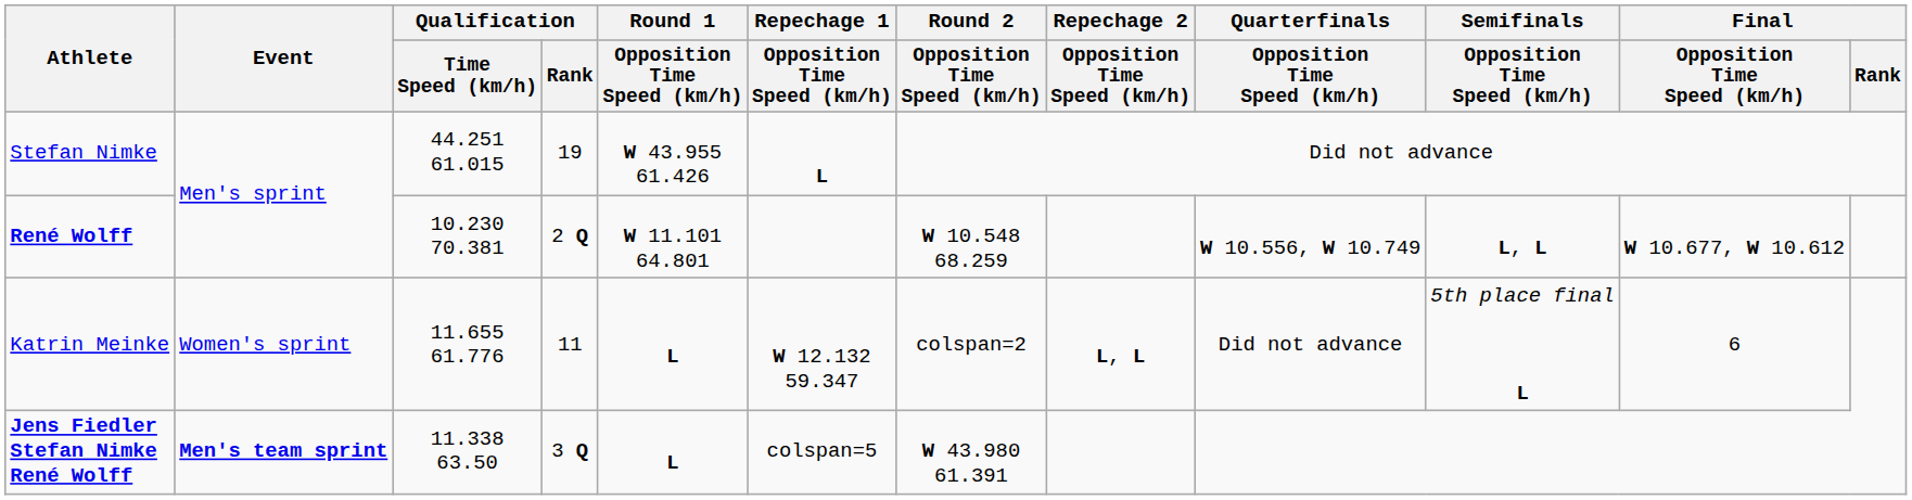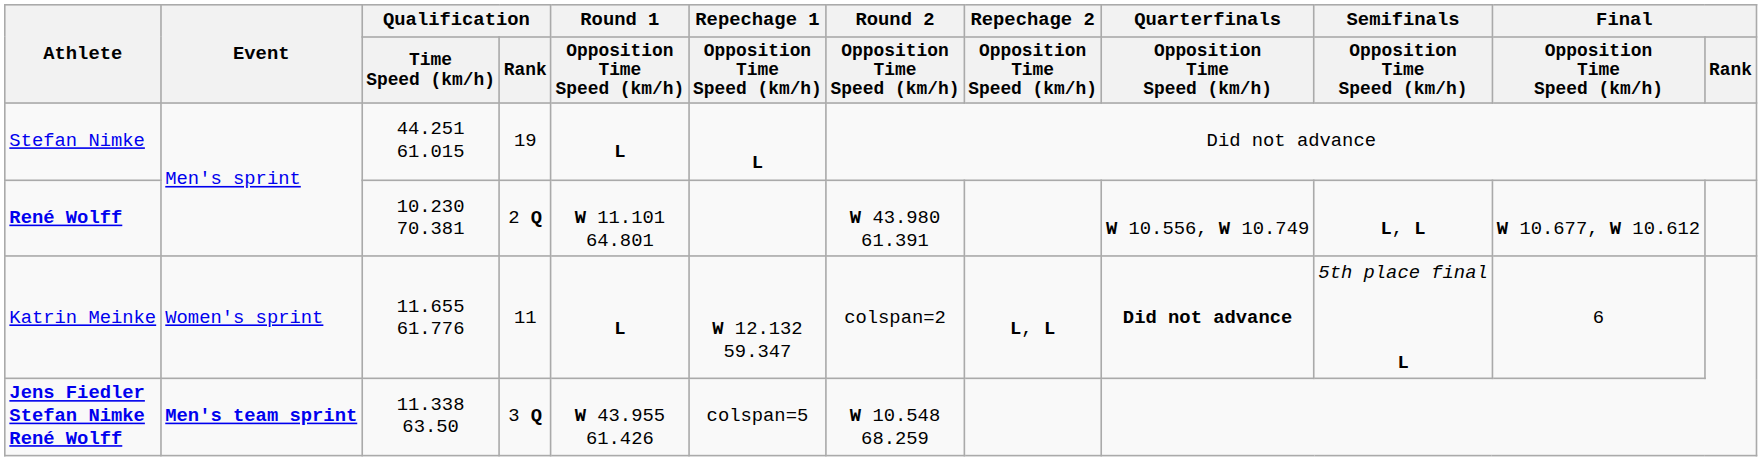 <table class="wikitable" style="font-size:90%">
 <tr>
 <th rowspan="2">Athlete</th>
 <th rowspan="2">Event</th>
 <th colspan=2>Qualification</th>
 <th>Round 1</th>
 <th>Repechage 1</th>
 <th>Round 2</th>
 <th>Repechage 2</th>
 <th>Quarterfinals</th>
 <th>Semifinals</th>
 <th colspan=2>Final</th>
 </tr>
 <tr style="font-size:95%">
 <th>Time<br>Speed (km/h)</th>
 <th>Rank</th>
 <th>Opposition<br>Time<br>Speed (km/h)</th>
 <th>Opposition<br>Time<br>Speed (km/h)</th>
 <th>Opposition<br>Time<br>Speed (km/h)</th>
 <th>Opposition<br>Time<br>Speed (km/h)</th>
 <th>Opposition<br>Time<br>Speed (km/h)</th>
 <th>Opposition<br>Time<br>Speed (km/h)</th>
 <th>Opposition<br>Time<br>Speed (km/h)</th>
 <th>Rank</th>
 </tr>
 <tr align=center>
 <td align=left><a href='#'>Stefan Nimke</a></td>
 <td align=left rowspan=2><a href='#'>Men's sprint</a></td>
 <td>44.251<br>61.015</td>
 <td>19</td>
-<td><br><strong>W</strong> 43.955<br>61.426</td>
+<td><br><strong>L</strong></td>
 <td><br><br><strong>L</strong></td>
 <td colspan=6>Did not advance</td>
 </tr>
 <tr align=center>
 <td align=left><strong><a href='#'>René Wolff</a></strong></td>
 <td>10.230<br>70.381</td>
 <td>2 <strong>Q</strong></td>
 <td><br><strong>W</strong> 11.101<br>64.801</td>
 <td></td>
-<td><br><strong>W</strong> 10.548<br>68.259</td>
+<td><br><strong>W</strong> 43.980<br>61.391</td>
 <td></td>
 <td><br><strong>W</strong> 10.556, <strong>W</strong> 10.749</td>
 <td><br><strong>L</strong>, <strong>L</strong></td>
 <td><br><strong>W</strong> 10.677, <strong>W</strong> 10.612</td>
 <td></td>
 </tr>
 <tr align=center>
 <td align=left><a href='#'>Katrin Meinke</a></td>
 <td align=left><a href='#'>Women's sprint</a></td>
 <td>11.655<br>61.776</td>
 <td>11</td>
 <td><br><strong>L</strong></td>
 <td><br><br><strong>W</strong> 12.132<br>59.347</td>
 <td>colspan=2 </td>
 <td><br><strong>L</strong>, <strong>L</strong></td>
-<td>Did not advance</td>
+<td><strong>Did not advance</strong></td>
 <td><em>5th place final</em><br><br><br><br><strong>L</strong></td>
 <td>6</td>
 </tr>
 <tr align=center>
 <td align=left><strong><a href='#'>Jens Fiedler</a><br><a href='#'>Stefan Nimke</a><br><a href='#'>René Wolff</a></strong></td>
 <td align=left><strong><a href='#'>Men's team sprint</a></strong></td>
 <td>11.338<br>63.50</td>
 <td>3 <strong>Q</strong></td>
-<td><br><strong>L</strong></td>
+<td><br><strong>W</strong> 43.955<br>61.426</td>
 <td>colspan=5 </td>
-<td><br><strong>W</strong> 43.980<br>61.391</td>
+<td><br><strong>W</strong> 10.548<br>68.259</td>
 <td></td>
 </tr>
 </table>
